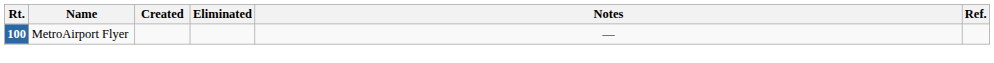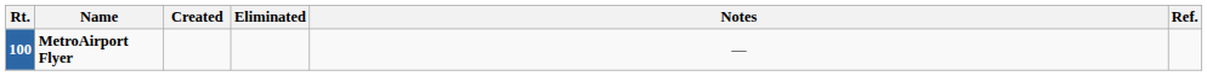 <table class="wikitable mw-collapsible mw-collapsed sortable" style="text-align: center; width:100%;">
 <tr>
 <th scope="col" style="width: 1.5em;">Rt.</th>
 <th scope="col" style="width: 8em;">Name</th>
 <th scope="col" style="width: 4em;">Created</th>
 <th scope="col" style="width: 4em;">Eliminated</th>
 <th class="unsortable">Notes</th>
 <th scope="col" style="width: 1em;" class="unsortable">Ref.</th>
 </tr>
 <tr>
 <th style="background: #2C67A5; color:#FFFFFF;">100</th>
-<td align="left">MetroAirport Flyer</td>
+<td align="left"><strong>MetroAirport Flyer</strong></td>
 <td></td>
 <td></td>
 <td>—</td>
 </tr>
 </table>
